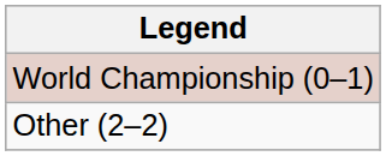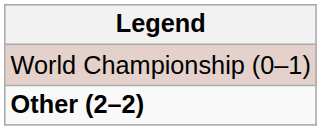 <table class="wikitable">
 <tr>
 <th>Legend</th>
 </tr>
 <tr bgcolor="#e5d1cb">
 <td>World Championship (0–1)</td>
 </tr>
 <tr bgcolor=>
-<td>Other (2–2)</td>
+<td><strong>Other (2–2)</strong></td>
 </tr>
 </table>
